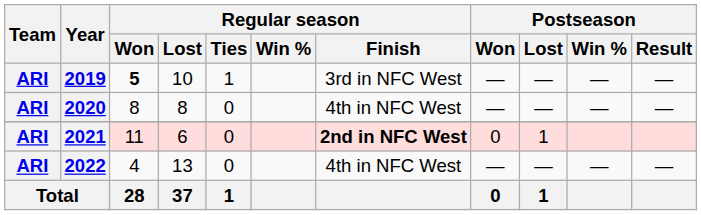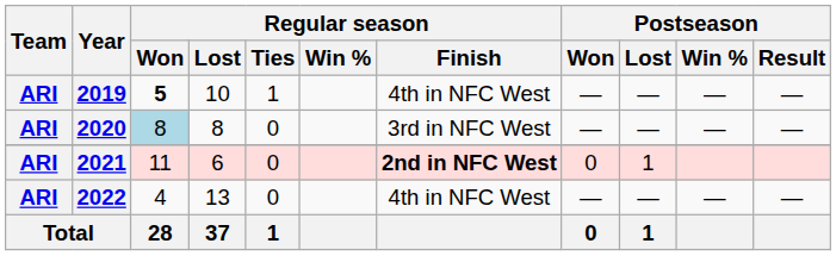 <table class="wikitable" style="font-size: 95%; text-align:center;">
 <tr>
 <th rowspan="2">Team</th>
 <th rowspan="2">Year</th>
 <th colspan="5">Regular season</th>
 <th colspan="4">Postseason</th>
 </tr>
 <tr>
 <th>Won</th>
 <th>Lost</th>
 <th>Ties</th>
 <th>Win %</th>
 <th>Finish</th>
 <th>Won</th>
 <th>Lost</th>
 <th>Win %</th>
 <th>Result</th>
 </tr>
 <tr>
 <th><a href='#'>ARI</a></th>
 <th><a href='#'>2019</a></th>
 <td><strong>5</strong></td>
 <td>10</td>
 <td>1</td>
 <td></td>
-<td>3rd in NFC West</td>
+<td>4th in NFC West</td>
 <td>—</td>
 <td>—</td>
 <td>—</td>
 <td>—</td>
 </tr>
 <tr>
 <th><a href='#'>ARI</a></th>
 <th><a href='#'>2020</a></th>
-<td>8</td>
+<td style="background: lightblue;">8</td>
 <td>8</td>
 <td>0</td>
 <td></td>
-<td>4th in NFC West</td>
+<td>3rd in NFC West</td>
 <td>—</td>
 <td>—</td>
 <td>—</td>
 <td>—</td>
 </tr>
 <tr>
 </tr>
 <tr style="background:#fdd">
 <th><a href='#'>ARI</a></th>
 <th><a href='#'>2021</a></th>
 <td>11</td>
 <td>6</td>
 <td>0</td>
 <td></td>
 <td><strong>2nd in NFC West</strong></td>
 <td>0</td>
 <td>1</td>
 <td></td>
 <td></td>
 </tr>
 <tr>
 <th><a href='#'>ARI</a></th>
 <th><a href='#'>2022</a></th>
 <td>4</td>
 <td>13</td>
 <td>0</td>
 <td></td>
 <td>4th in NFC West</td>
 <td>—</td>
 <td>—</td>
 <td>—</td>
 <td>—</td>
 </tr>
 <tr>
 <th colspan="2">Total</th>
 <th>28</th>
 <th>37</th>
 <th>1</th>
 <th></th>
 <th></th>
 <th>0</th>
 <th>1</th>
 <th></th>
 <th></th>
 </tr>
 </table>
